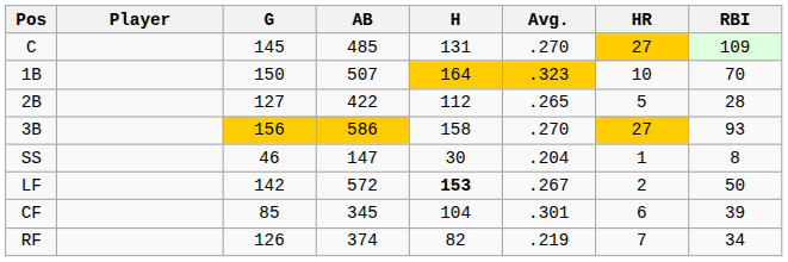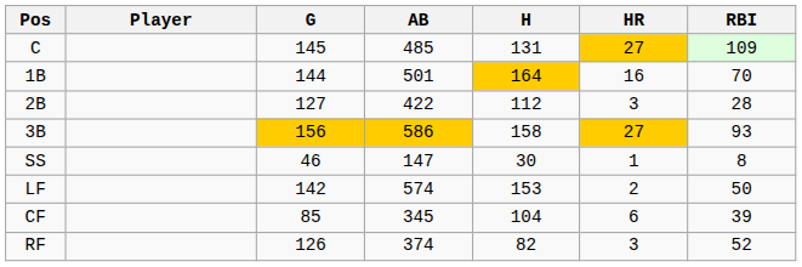 <table class="wikitable sortable">
 <tr>
 <th bgcolor="#DDDDFF" width="5%">Pos</th>
 <th bgcolor="#DDDDFF" width="16%">Player</th>
 <th bgcolor="#DDDDFF" width="9%">G</th>
 <th bgcolor="#DDDDFF" width="9%">AB</th>
 <th bgcolor="#DDDDFF" width="9%">H</th>
-<th bgcolor="#DDDDFF" width="9%">Avg.</th>
 <th bgcolor="#DDDDFF" width="9%">HR</th>
 <th bgcolor="#DDDDFF" width="9%">RBI</th>
 </tr>
 <tr align="center">
 <td>C</td>
 <td></td>
 <td>145</td>
 <td>485</td>
 <td>131</td>
-<td>.270</td>
 <td style="background:#fc0;">27</td>
 <td style="background:#DDFFDD;">109</td>
 </tr>
 <tr align="center">
 <td>1B</td>
 <td></td>
-<td>150</td>
-<td>507</td>
+<td>144</td>
+<td>501</td>
 <td style="background:#fc0;">164</td>
-<td style="background:#fc0;">.323</td>
-<td>10</td>
+<td>16</td>
 <td>70</td>
 </tr>
 <tr align="center">
 <td>2B</td>
 <td></td>
 <td>127</td>
 <td>422</td>
 <td>112</td>
-<td>.265</td>
-<td>5</td>
+<td>3</td>
 <td>28</td>
 </tr>
 <tr align="center">
 <td>3B</td>
 <td></td>
 <td style="background:#fc0;">156</td>
 <td style="background:#fc0;">586</td>
 <td>158</td>
-<td>.270</td>
 <td style="background:#fc0;">27</td>
 <td>93</td>
 </tr>
 <tr align="center">
 <td>SS</td>
 <td></td>
 <td>46</td>
 <td>147</td>
 <td>30</td>
-<td>.204</td>
 <td>1</td>
 <td>8</td>
 </tr>
 <tr align="center">
 <td>LF</td>
 <td></td>
 <td>142</td>
-<td>572</td>
-<td><strong>153</strong></td>
-<td>.267</td>
+<td>574</td>
+<td>153</td>
 <td>2</td>
 <td>50</td>
 </tr>
 <tr align="center">
 <td>CF</td>
 <td></td>
 <td>85</td>
 <td>345</td>
 <td>104</td>
-<td>.301</td>
 <td>6</td>
 <td>39</td>
 </tr>
 <tr align="center">
 <td>RF</td>
 <td></td>
 <td>126</td>
 <td>374</td>
 <td>82</td>
-<td>.219</td>
-<td>7</td>
-<td>34</td>
+<td>3</td>
+<td>52</td>
 </tr>
 </table>
